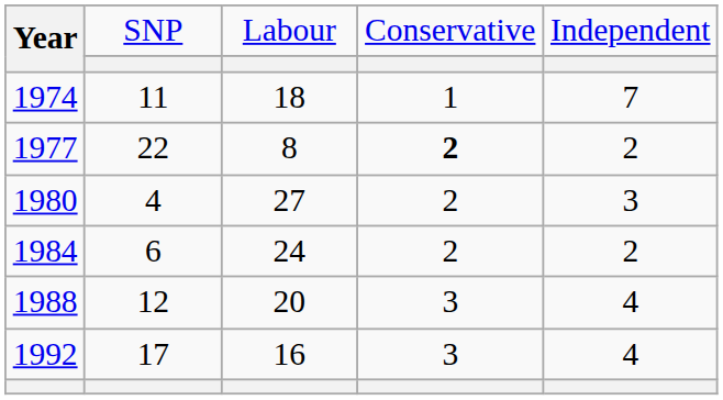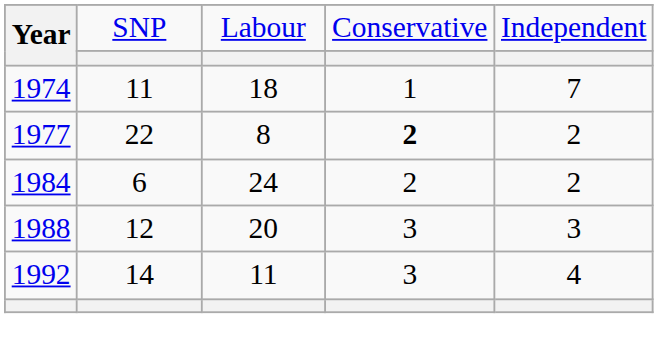 <table class=wikitable style=text-align:center>
 <tr>
 <th rowspan=2>Year</th>
 <td width="60"><a href='#'>SNP</a></td>
 <td width="60"><a href='#'>Labour</a></td>
 <td width="60"><a href='#'>Conservative</a></td>
 <td width="60"><a href='#'>Independent</a></td>
 </tr>
 <tr>
 <th style="background-color: "></th>
 <th style="background-color: "></th>
 <th style="background-color: "></th>
 <th style="background-color: "></th>
 </tr>
 <tr>
 <td><a href='#'>1974</a></td>
 <td>11</td>
 <td>18</td>
 <td>1</td>
 <td>7</td>
 </tr>
 <tr>
 <td><a href='#'>1977</a></td>
 <td>22</td>
 <td>8</td>
 <td><strong>2</strong></td>
 <td>2</td>
 </tr>
 <tr>
-<td><a href='#'>1980</a></td>
-<td>4</td>
-<td>27</td>
-<td>2</td>
-<td>3</td>
-</tr>
-<tr>
 <td><a href='#'>1984</a></td>
 <td>6</td>
 <td>24</td>
 <td>2</td>
 <td>2</td>
 </tr>
 <tr>
 <td><a href='#'>1988</a></td>
 <td>12</td>
 <td>20</td>
 <td>3</td>
-<td>4</td>
+<td>3</td>
 </tr>
 <tr>
 <td><a href='#'>1992</a></td>
-<td>17</td>
-<td>16</td>
+<td>14</td>
+<td>11</td>
 <td>3</td>
 <td>4</td>
 </tr>
 <tr>
 <th></th>
 <th style="background-color: "></th>
 <th style="background-color: "></th>
 <th style="background-color: "></th>
 <th style="background-color: "></th>
 </tr>
 </table>
